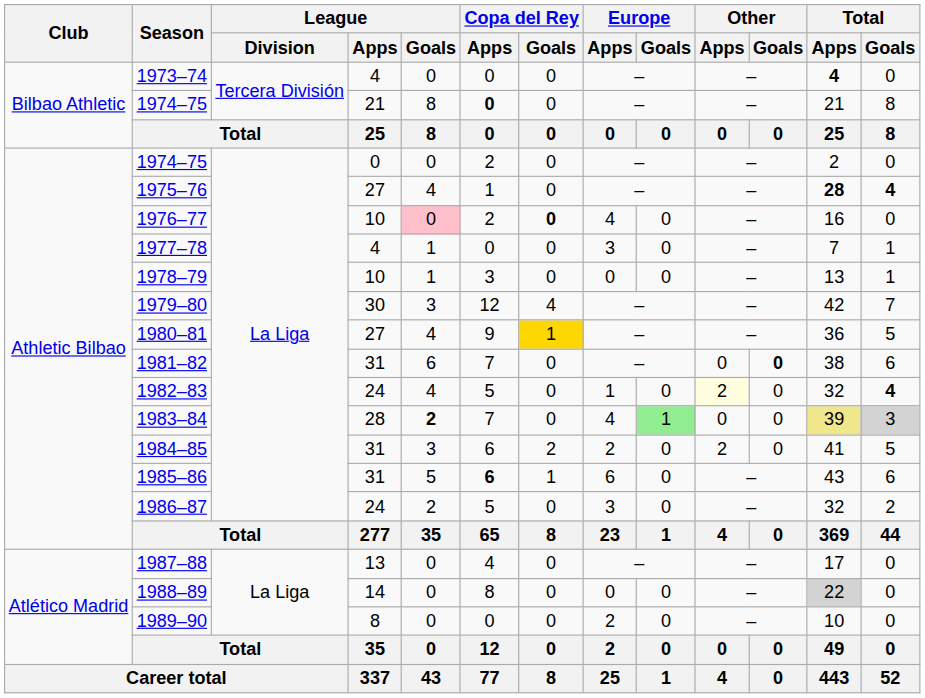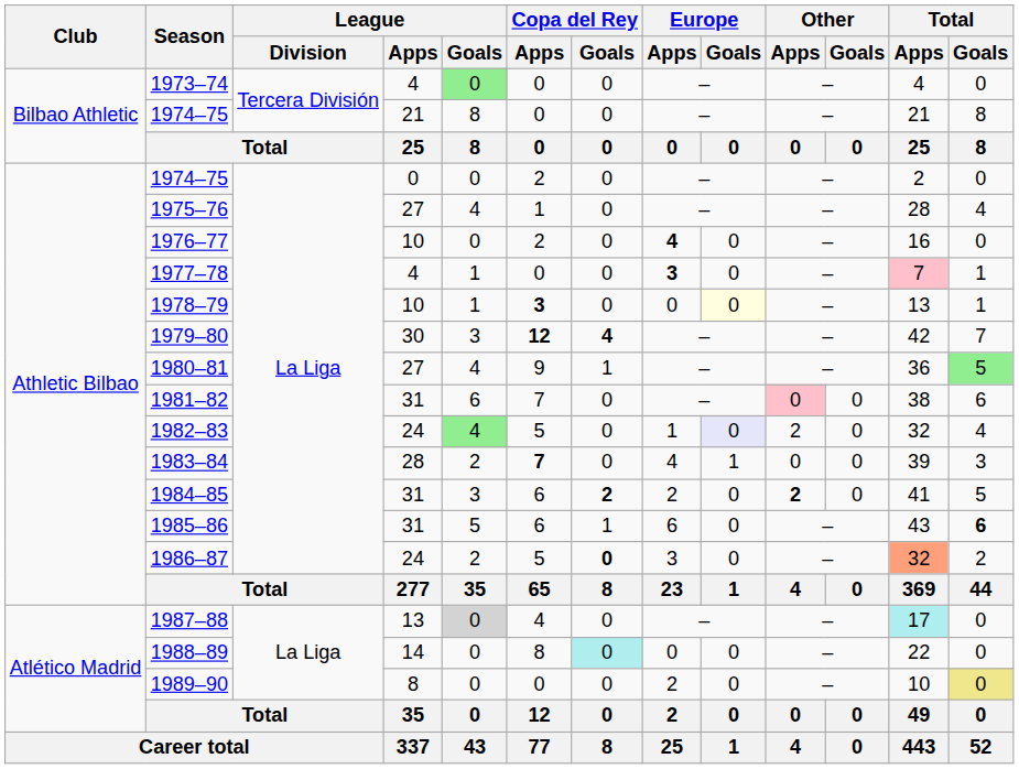 <table class="wikitable" style="text-align:center">
 <tr>
 <th rowspan="2">Club</th>
 <th rowspan="2">Season</th>
 <th colspan="3">League</th>
 <th colspan="2"><a href='#'>Copa del Rey</a></th>
 <th colspan="2"><a href='#'>Europe</a></th>
 <th colspan="2">Other</th>
 <th colspan="2">Total</th>
 </tr>
 <tr>
 <th>Division</th>
 <th>Apps</th>
 <th>Goals</th>
 <th>Apps</th>
 <th>Goals</th>
 <th>Apps</th>
 <th>Goals</th>
 <th>Apps</th>
 <th>Goals</th>
 <th>Apps</th>
 <th>Goals</th>
 </tr>
 <tr>
 <td rowspan=3><a href='#'>Bilbao Athletic</a></td>
 <td><a href='#'>1973–74</a></td>
 <td rowspan=2><a href='#'>Tercera División</a></td>
 <td>4</td>
-<td>0</td>
+<td style="background: lightgreen;">0</td>
 <td>0</td>
 <td>0</td>
 <td colspan="2">–</td>
 <td colspan="2">–</td>
-<td><strong>4</strong></td>
+<td>4</td>
 <td>0</td>
 </tr>
 <tr>
 <td><a href='#'>1974–75</a></td>
 <td>21</td>
 <td>8</td>
-<td><strong>0</strong></td>
+<td>0</td>
 <td>0</td>
 <td colspan="2">–</td>
 <td colspan="2">–</td>
 <td>21</td>
 <td>8</td>
 </tr>
 <tr>
 <th colspan="2">Total</th>
 <th>25</th>
 <th>8</th>
 <th>0</th>
 <th>0</th>
 <th>0</th>
 <th>0</th>
 <th>0</th>
 <th>0</th>
 <th>25</th>
 <th>8</th>
 </tr>
 <tr>
 <td rowspan="14"><a href='#'>Athletic Bilbao</a></td>
 <td><a href='#'>1974–75</a></td>
 <td rowspan="13"><a href='#'>La Liga</a></td>
 <td>0</td>
 <td>0</td>
 <td>2</td>
 <td>0</td>
 <td colspan="2">–</td>
 <td colspan="2">–</td>
 <td>2</td>
 <td>0</td>
 </tr>
 <tr>
 <td><a href='#'>1975–76</a></td>
 <td>27</td>
 <td>4</td>
 <td>1</td>
 <td>0</td>
 <td colspan="2">–</td>
 <td colspan="2">–</td>
-<td><strong>28</strong></td>
-<td><strong>4</strong></td>
+<td>28</td>
+<td>4</td>
 </tr>
 <tr>
 <td><a href='#'>1976–77</a></td>
 <td>10</td>
-<td style="background: pink;">0</td>
+<td>0</td>
 <td>2</td>
-<td><strong>0</strong></td>
-<td>4</td>
+<td>0</td>
+<td><strong>4</strong></td>
 <td>0</td>
 <td colspan="2">–</td>
 <td>16</td>
 <td>0</td>
 </tr>
 <tr>
 <td><a href='#'>1977–78</a></td>
 <td>4</td>
 <td>1</td>
 <td>0</td>
 <td>0</td>
-<td>3</td>
+<td><strong>3</strong></td>
 <td>0</td>
 <td colspan="2">–</td>
-<td>7</td>
+<td style="background: pink;">7</td>
 <td>1</td>
 </tr>
 <tr>
 <td><a href='#'>1978–79</a></td>
 <td>10</td>
 <td>1</td>
-<td>3</td>
+<td><strong>3</strong></td>
 <td>0</td>
 <td>0</td>
-<td>0</td>
+<td style="background: lightyellow;">0</td>
 <td colspan="2">–</td>
 <td>13</td>
 <td>1</td>
 </tr>
 <tr>
 <td><a href='#'>1979–80</a></td>
 <td>30</td>
 <td>3</td>
-<td>12</td>
-<td>4</td>
+<td><strong>12</strong></td>
+<td><strong>4</strong></td>
 <td colspan="2">–</td>
 <td colspan="2">–</td>
 <td>42</td>
 <td>7</td>
 </tr>
 <tr>
 <td><a href='#'>1980–81</a></td>
 <td>27</td>
 <td>4</td>
 <td>9</td>
-<td style="background: gold;">1</td>
+<td>1</td>
 <td colspan="2">–</td>
 <td colspan="2">–</td>
 <td>36</td>
-<td>5</td>
+<td style="background: lightgreen;">5</td>
 </tr>
 <tr>
 <td><a href='#'>1981–82</a></td>
 <td>31</td>
 <td>6</td>
 <td>7</td>
 <td>0</td>
 <td colspan="2">–</td>
+<td style="background: pink;">0</td>
 <td>0</td>
-<td><strong>0</strong></td>
 <td>38</td>
 <td>6</td>
 </tr>
 <tr>
 <td><a href='#'>1982–83</a></td>
 <td>24</td>
-<td>4</td>
+<td style="background: lightgreen;">4</td>
 <td>5</td>
 <td>0</td>
 <td>1</td>
-<td>0</td>
-<td style="background: lightyellow;">2</td>
+<td style="background: lavender;">0</td>
+<td>2</td>
 <td>0</td>
 <td>32</td>
-<td><strong>4</strong></td>
+<td>4</td>
 </tr>
 <tr>
 <td><a href='#'>1983–84</a></td>
 <td>28</td>
-<td><strong>2</strong></td>
-<td>7</td>
+<td>2</td>
+<td><strong>7</strong></td>
 <td>0</td>
 <td>4</td>
-<td style="background: lightgreen;">1</td>
+<td>1</td>
 <td>0</td>
 <td>0</td>
-<td style="background: khaki;">39</td>
-<td style="background: lightgrey;">3</td>
+<td>39</td>
+<td>3</td>
 </tr>
 <tr>
 <td><a href='#'>1984–85</a></td>
 <td>31</td>
 <td>3</td>
 <td>6</td>
-<td>2</td>
+<td><strong>2</strong></td>
 <td>2</td>
 <td>0</td>
-<td>2</td>
+<td><strong>2</strong></td>
 <td>0</td>
 <td>41</td>
 <td>5</td>
 </tr>
 <tr>
 <td><a href='#'>1985–86</a></td>
 <td>31</td>
 <td>5</td>
-<td><strong>6</strong></td>
+<td>6</td>
 <td>1</td>
 <td>6</td>
 <td>0</td>
 <td colspan="2">–</td>
 <td>43</td>
-<td>6</td>
+<td><strong>6</strong></td>
 </tr>
 <tr>
 <td><a href='#'>1986–87</a></td>
 <td>24</td>
 <td>2</td>
 <td>5</td>
-<td>0</td>
+<td><strong>0</strong></td>
 <td>3</td>
 <td>0</td>
 <td colspan="2">–</td>
-<td>32</td>
+<td style="background: lightsalmon;">32</td>
 <td>2</td>
 </tr>
 <tr>
 <th colspan="2">Total</th>
 <th>277</th>
 <th>35</th>
 <th>65</th>
 <th>8</th>
 <th>23</th>
 <th>1</th>
 <th>4</th>
 <th>0</th>
 <th>369</th>
 <th>44</th>
 </tr>
 <tr>
 <td rowspan="4"><a href='#'>Atlético Madrid</a></td>
 <td><a href='#'>1987–88</a></td>
 <td rowspan="3">La Liga</td>
 <td>13</td>
-<td>0</td>
+<td style="background: lightgrey;">0</td>
 <td>4</td>
 <td>0</td>
 <td colspan="2">–</td>
 <td colspan="2">–</td>
-<td>17</td>
+<td style="background: paleturquoise;">17</td>
 <td>0</td>
 </tr>
 <tr>
 <td><a href='#'>1988–89</a></td>
 <td>14</td>
 <td>0</td>
 <td>8</td>
-<td>0</td>
+<td style="background: paleturquoise;">0</td>
 <td>0</td>
 <td>0</td>
 <td colspan="2">–</td>
-<td style="background: lightgrey;">22</td>
+<td>22</td>
 <td>0</td>
 </tr>
 <tr>
 <td><a href='#'>1989–90</a></td>
 <td>8</td>
 <td>0</td>
 <td>0</td>
 <td>0</td>
 <td>2</td>
 <td>0</td>
 <td colspan="2">–</td>
 <td>10</td>
-<td>0</td>
+<td style="background: khaki;">0</td>
 </tr>
 <tr>
 <th colspan="2">Total</th>
 <th>35</th>
 <th>0</th>
 <th>12</th>
 <th>0</th>
 <th>2</th>
 <th>0</th>
 <th>0</th>
 <th>0</th>
 <th>49</th>
 <th>0</th>
 </tr>
 <tr>
 <th colspan="3">Career total</th>
 <th>337</th>
 <th>43</th>
 <th>77</th>
 <th>8</th>
 <th>25</th>
 <th>1</th>
 <th>4</th>
 <th>0</th>
 <th>443</th>
 <th>52</th>
 </tr>
 </table>
